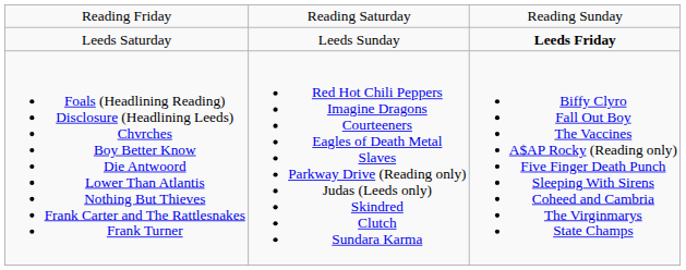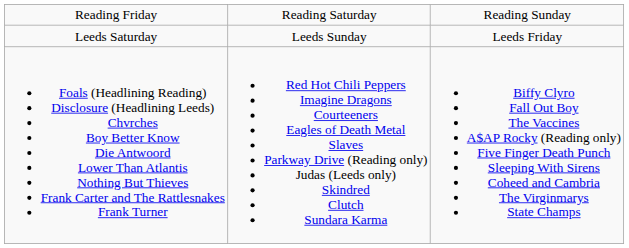 <table class="wikitable" style="text-align:center;">
 <tr>
 <td>Reading Friday</td>
 <td>Reading Saturday</td>
 <td>Reading Sunday</td>
 </tr>
 <tr>
 <td>Leeds Saturday</td>
 <td>Leeds Sunday</td>
-<td><strong>Leeds Friday</strong></td>
+<td>Leeds Friday</td>
 </tr>
 <tr>
 <td><br><ul><li><a href='#'>Foals</a> (Headlining Reading)</li><li><a href='#'>Disclosure</a> (Headlining Leeds)</li><li><a href='#'>Chvrches</a></li><li><a href='#'>Boy Better Know</a></li><li><a href='#'>Die Antwoord</a></li><li><a href='#'>Lower Than Atlantis</a></li><li><a href='#'>Nothing But Thieves</a></li><li><a href='#'>Frank Carter and The Rattlesnakes</a></li><li><a href='#'>Frank Turner</a></li></ul></td>
 <td><br><ul><li><a href='#'>Red Hot Chili Peppers</a></li><li><a href='#'>Imagine Dragons</a></li><li><a href='#'>Courteeners</a></li><li><a href='#'>Eagles of Death Metal</a></li><li><a href='#'>Slaves</a></li><li><a href='#'>Parkway Drive</a> (Reading only)</li><li>Judas (Leeds only)</li><li><a href='#'>Skindred</a></li><li><a href='#'>Clutch</a></li><li><a href='#'>Sundara Karma</a></li></ul></td>
 <td><br><ul><li><a href='#'>Biffy Clyro</a></li><li><a href='#'>Fall Out Boy</a></li><li><a href='#'>The Vaccines</a></li><li><a href='#'>A$AP Rocky</a> (Reading only)</li><li><a href='#'>Five Finger Death Punch</a></li><li><a href='#'>Sleeping With Sirens</a></li><li><a href='#'>Coheed and Cambria</a></li><li><a href='#'>The Virginmarys</a></li><li><a href='#'>State Champs</a></li></ul></td>
 </tr>
 </table>
